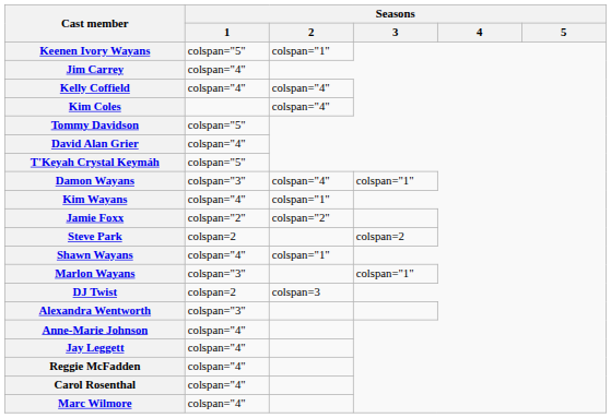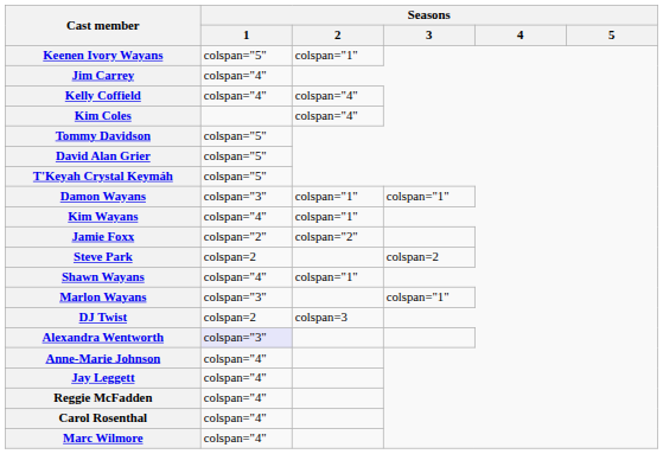 <table class="wikitable plainrowheaders" width="65%">
 <tr>
 <th scope="col" rowspan="2">Cast member</th>
 <th colspan="5">Seasons</th>
 </tr>
 <tr>
 <th scope="col" width="14%">1</th>
 <th scope="col" width="14%">2</th>
 <th scope="col" width="14%">3</th>
 <th scope="col" width="14%">4</th>
 <th scope="col" width="14%">5</th>
 </tr>
 <tr>
 <th scope="row"><a href='#'>Keenen Ivory Wayans</a></th>
 <td>colspan="5" </td>
 <td>colspan="1" </td>
 </tr>
 <tr>
 <th scope="row"><a href='#'>Jim Carrey</a></th>
 <td>colspan="4" </td>
 </tr>
 <tr>
 <th scope="row"><a href='#'>Kelly Coffield</a></th>
 <td>colspan="4" </td>
 <td>colspan="4" </td>
 </tr>
 <tr>
 <th scope="row"><a href='#'>Kim Coles</a></th>
 <td></td>
 <td>colspan="4" </td>
 </tr>
 <tr>
 <th scope="row"><a href='#'>Tommy Davidson</a></th>
 <td>colspan="5" </td>
 </tr>
 <tr>
 <th scope="row"><a href='#'>David Alan Grier</a></th>
-<td>colspan="4" </td>
+<td>colspan="5" </td>
 </tr>
 <tr>
 <th scope="row"><a href='#'>T'Keyah Crystal Keymáh</a></th>
 <td>colspan="5" </td>
 </tr>
 <tr>
 <th scope="row"><a href='#'>Damon Wayans</a></th>
 <td>colspan="3" </td>
-<td>colspan="4" </td>
+<td>colspan="1" </td>
 <td>colspan="1" </td>
 </tr>
 <tr>
 <th scope="row"><a href='#'>Kim Wayans</a></th>
 <td>colspan="4" </td>
 <td>colspan="1" </td>
 </tr>
 <tr>
 <th scope="row"><a href='#'>Jamie Foxx</a></th>
 <td>colspan="2" </td>
 <td>colspan="2" </td>
 <td></td>
 </tr>
 <tr>
 <th scope="row"><a href='#'>Steve Park</a></th>
 <td>colspan=2 </td>
 <td></td>
 <td>colspan=2 </td>
 </tr>
 <tr>
 <th scope="row"><a href='#'>Shawn Wayans</a></th>
 <td>colspan="4" </td>
 <td>colspan="1" </td>
 </tr>
 <tr>
 <th scope="row"><a href='#'>Marlon Wayans</a></th>
 <td>colspan="3" </td>
 <td></td>
 <td>colspan="1" </td>
 </tr>
 <tr>
 <th scope="row"><a href='#'>DJ Twist</a></th>
 <td>colspan=2 </td>
 <td>colspan=3 </td>
 </tr>
 <tr>
 <th scope="row"><a href='#'>Alexandra Wentworth</a></th>
-<td>colspan="3" </td>
+<td style="background: lavender;">colspan="3" </td>
 <td></td>
 <td></td>
 </tr>
 <tr>
 <th scope="row"><a href='#'>Anne-Marie Johnson</a></th>
 <td>colspan="4" </td>
 <td></td>
 </tr>
 <tr>
 <th scope="row"><a href='#'>Jay Leggett</a></th>
 <td>colspan="4" </td>
 <td></td>
 </tr>
 <tr>
 <th scope="row">Reggie McFadden</th>
 <td>colspan="4" </td>
 <td></td>
 </tr>
 <tr>
 <th scope="row">Carol Rosenthal</th>
 <td>colspan="4" </td>
 <td></td>
 </tr>
 <tr>
 <th scope="row"><a href='#'>Marc Wilmore</a></th>
 <td>colspan="4" </td>
 <td></td>
 </tr>
 </table>
